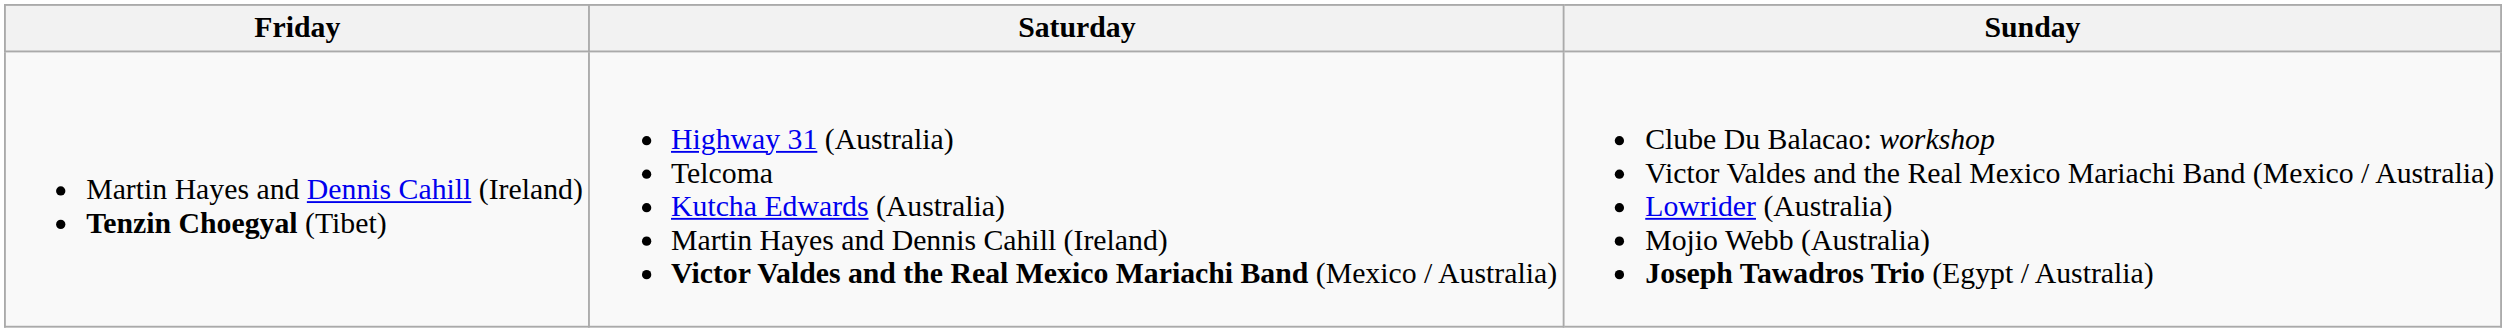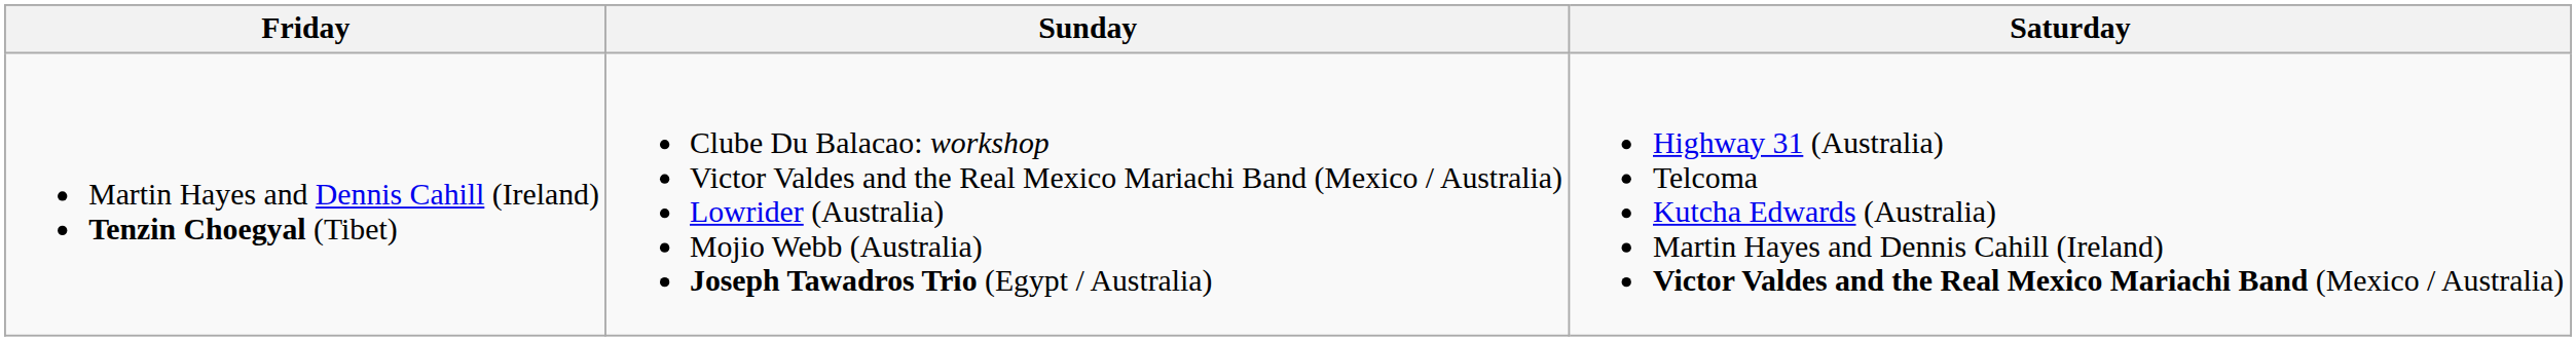 <table class="wikitable">
 <tr>
 <th>Friday</th>
+<th>Sunday</th>
 <th>Saturday</th>
-<th>Sunday</th>
 </tr>
 <tr>
 <td><br><ul><li>Martin Hayes and <a href='#'>Dennis Cahill</a> (Ireland)</li><li><strong>Tenzin Choegyal</strong> (Tibet)</li></ul></td>
+<td><br><ul><li>Clube Du Balacao: <em>workshop</em></li><li>Victor Valdes and the Real Mexico Mariachi Band (Mexico / Australia)</li><li><a href='#'>Lowrider</a> (Australia)</li><li>Mojio Webb (Australia)</li><li><strong>Joseph Tawadros Trio</strong> (Egypt / Australia)</li></ul></td>
 <td><br><ul><li><a href='#'>Highway 31</a> (Australia)</li><li>Telcoma</li><li><a href='#'>Kutcha Edwards</a> (Australia)</li><li>Martin Hayes and Dennis Cahill (Ireland)</li><li><strong>Victor Valdes and the Real Mexico Mariachi Band</strong> (Mexico / Australia)</li></ul></td>
-<td><br><ul><li>Clube Du Balacao: <em>workshop</em></li><li>Victor Valdes and the Real Mexico Mariachi Band (Mexico / Australia)</li><li><a href='#'>Lowrider</a> (Australia)</li><li>Mojio Webb (Australia)</li><li><strong>Joseph Tawadros Trio</strong> (Egypt / Australia)</li></ul></td>
 </tr>
 </table>
